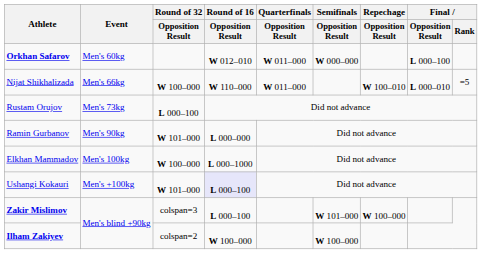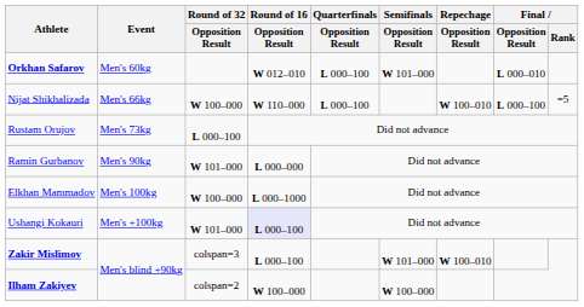 <table class="wikitable" style="font-size:90%">
 <tr>
 <th rowspan="2">Athlete</th>
 <th rowspan="2">Event</th>
 <th>Round of 32</th>
 <th>Round of 16</th>
 <th>Quarterfinals</th>
 <th>Semifinals</th>
 <th>Repechage</th>
 <th colspan=2>Final / </th>
 </tr>
 <tr style="font-size:95%">
 <th>Opposition<br>Result</th>
 <th>Opposition<br>Result</th>
 <th>Opposition<br>Result</th>
 <th>Opposition<br>Result</th>
 <th>Opposition<br>Result</th>
 <th>Opposition<br>Result</th>
 <th>Rank</th>
 </tr>
 <tr align=center>
 <td align=left><strong><a href='#'>Orkhan Safarov</a></strong></td>
 <td align=left><a href='#'>Men's 60kg</a></td>
 <td></td>
 <td><br><strong>W</strong> 012–010</td>
-<td><br><strong>W</strong> 011–000</td>
-<td><br><strong>W</strong> 000–000</td>
+<td><br><strong>L</strong> 000–100</td>
+<td><br><strong>W</strong> 101–000</td>
 <td></td>
-<td><br><strong>L</strong> 000–100</td>
+<td><br><strong>L</strong> 000–010</td>
 <td></td>
 </tr>
 <tr align=center>
 <td align=left><a href='#'>Nijat Shikhalizada</a></td>
 <td align=left><a href='#'>Men's 66kg</a></td>
 <td><br><strong>W</strong> 100–000</td>
 <td><br><strong>W</strong> 110–000</td>
-<td><br><strong>W</strong> 011–000</td>
+<td><br><strong>L</strong> 000–100</td>
 <td></td>
 <td><br><strong>W</strong> 100–010</td>
-<td><br><strong>L</strong> 000–010</td>
+<td><br><strong>L</strong> 000–100</td>
 <td>=5</td>
 </tr>
 <tr align=center>
 <td align=left><a href='#'>Rustam Orujov</a></td>
 <td align=left><a href='#'>Men's 73kg</a></td>
 <td><br><strong>L</strong> 000–100</td>
 <td colspan=6>Did not advance</td>
 </tr>
 <tr align=center>
 <td align=left><a href='#'>Ramin Gurbanov</a></td>
 <td align=left><a href='#'>Men's 90kg</a></td>
 <td><br><strong>W</strong> 101–000</td>
 <td><br><strong>L</strong> 000–000</td>
 <td colspan=5>Did not advance</td>
 </tr>
 <tr align=center>
 <td align=left><a href='#'>Elkhan Mammadov</a></td>
 <td align=left><a href='#'>Men's 100kg</a></td>
 <td><br><strong>W</strong> 100–000</td>
 <td><br><strong>L</strong> 000–1000</td>
 <td colspan=5>Did not advance</td>
 </tr>
 <tr align=center>
 <td align=left><a href='#'>Ushangi Kokauri</a></td>
 <td align=left><a href='#'>Men's +100kg</a></td>
 <td><br><strong>W</strong> 101–000</td>
 <td style="background: lavender;"><br><strong>L</strong> 000–100</td>
 <td colspan=5>Did not advance</td>
 </tr>
 <tr align=center>
 <td align=left><strong><a href='#'>Zakir Mislimov</a></strong></td>
 <td align=left rowspan=2><a href='#'>Men's blind +90kg</a></td>
 <td>colspan=3 </td>
 <td><br><strong>L</strong> 000–100</td>
 <td></td>
 <td><br><strong>W</strong> 101–000</td>
-<td><br><strong>W</strong> 100–000</td>
+<td><br><strong>W</strong> 100–010</td>
 <td></td>
 </tr>
 <tr align=center>
 <td align=left><strong><a href='#'>Ilham Zakiyev</a></strong></td>
 <td>colspan=2 </td>
 <td><br><strong>W</strong> 100–000</td>
 <td></td>
 <td><br><strong>W</strong> 100–000</td>
 <td></td>
 </tr>
 </table>
